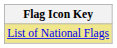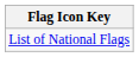 <table class="wikitable nowrap" style="font-size:90%">
 <tr>
 <th bgcolor="#eeeeee">Flag Icon Key</th>
 </tr>
 <tr>
-<td style="background: khaki;"><a href='#'>List of National Flags</a></td>
+<td><a href='#'>List of National Flags</a></td>
 </tr>
 </table>
